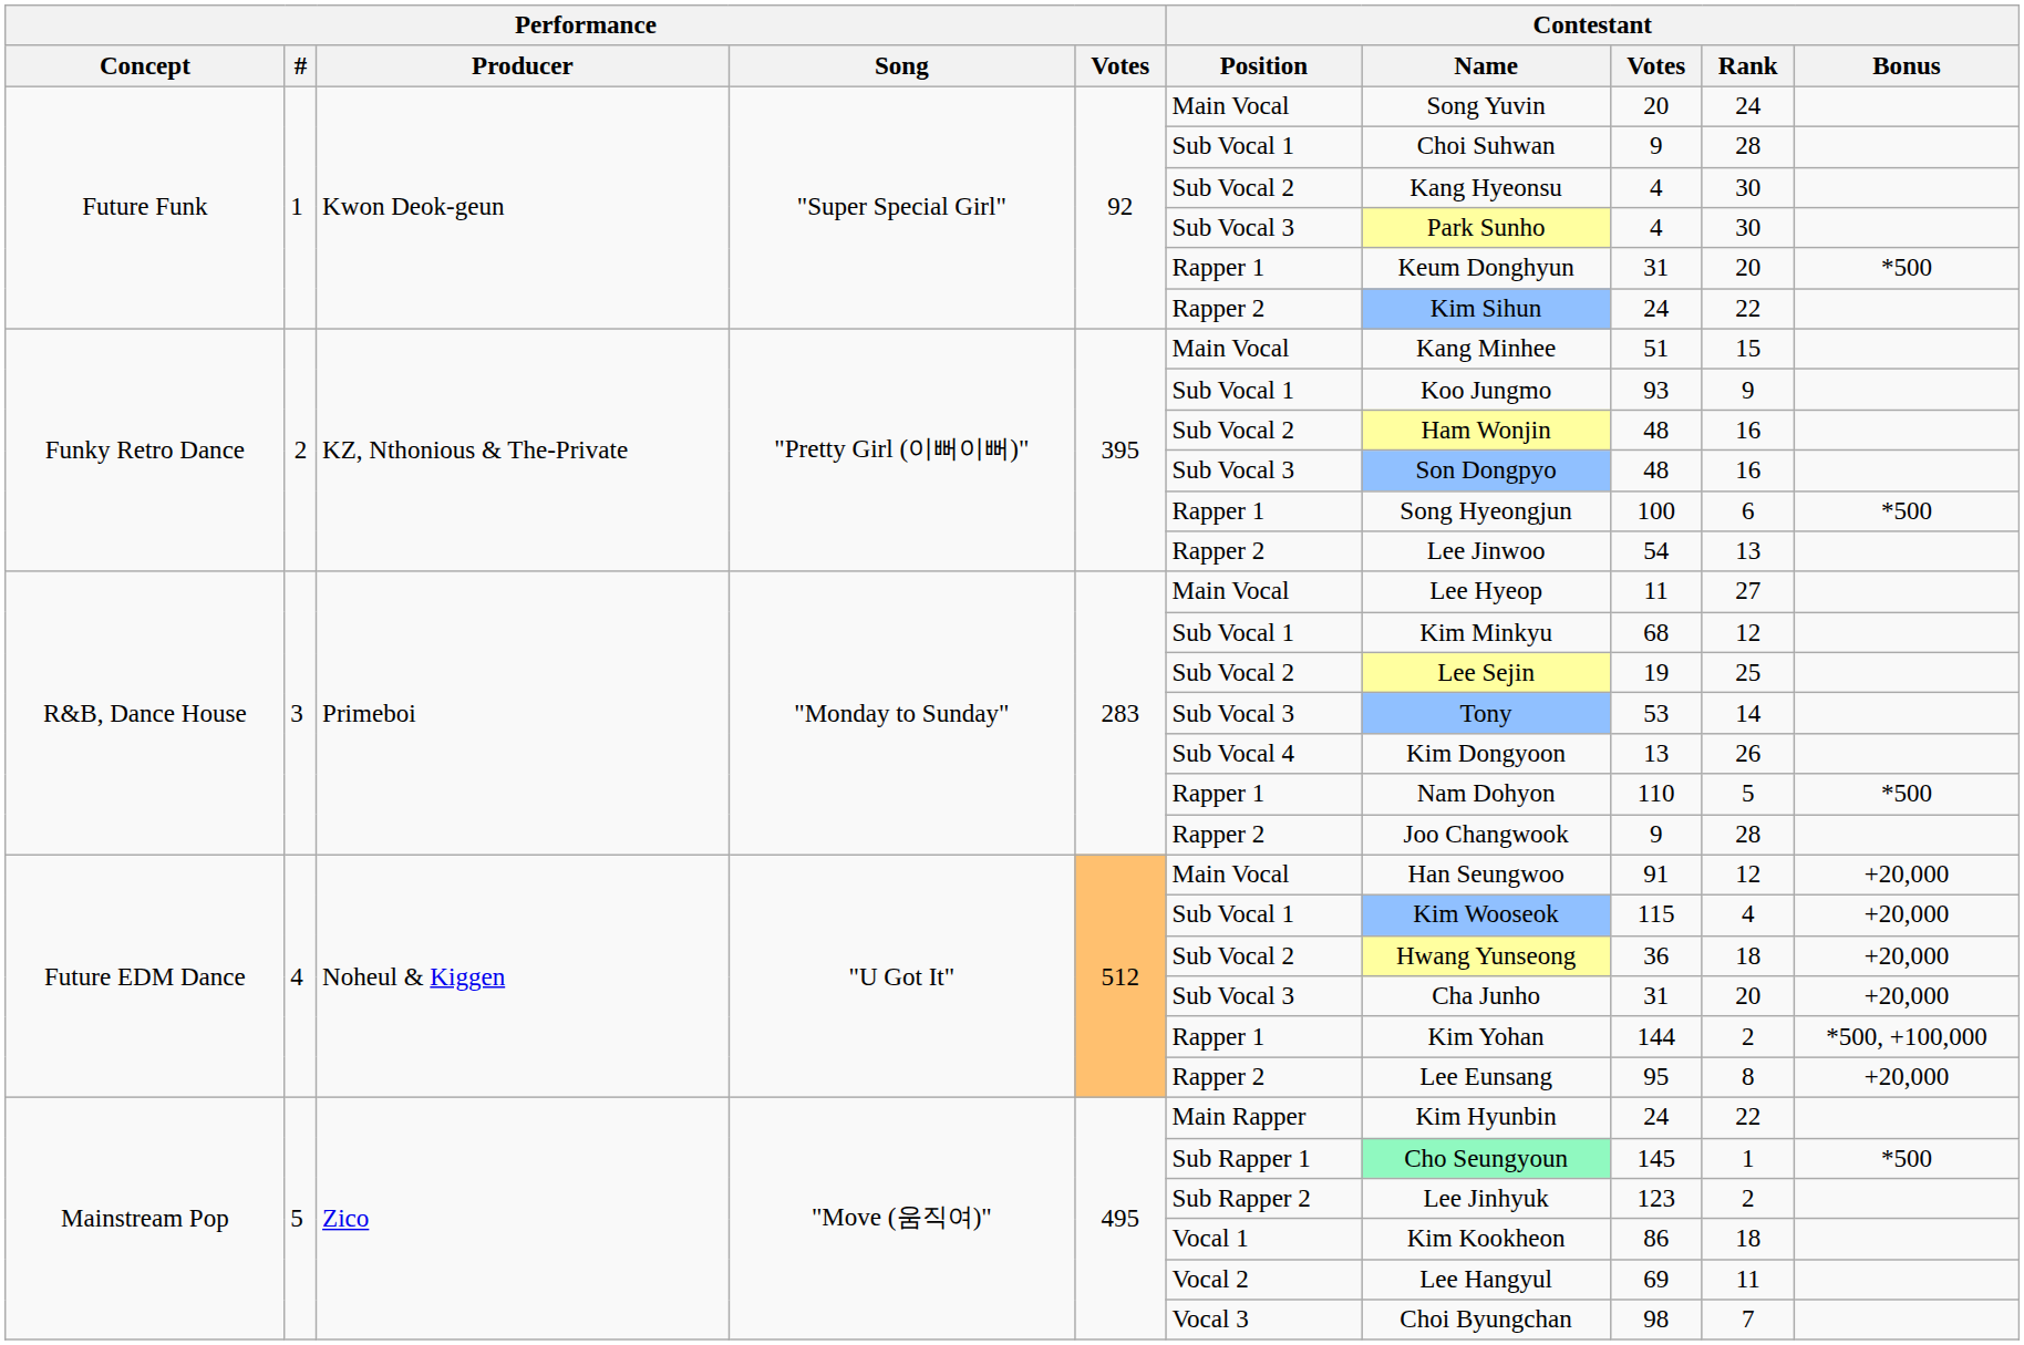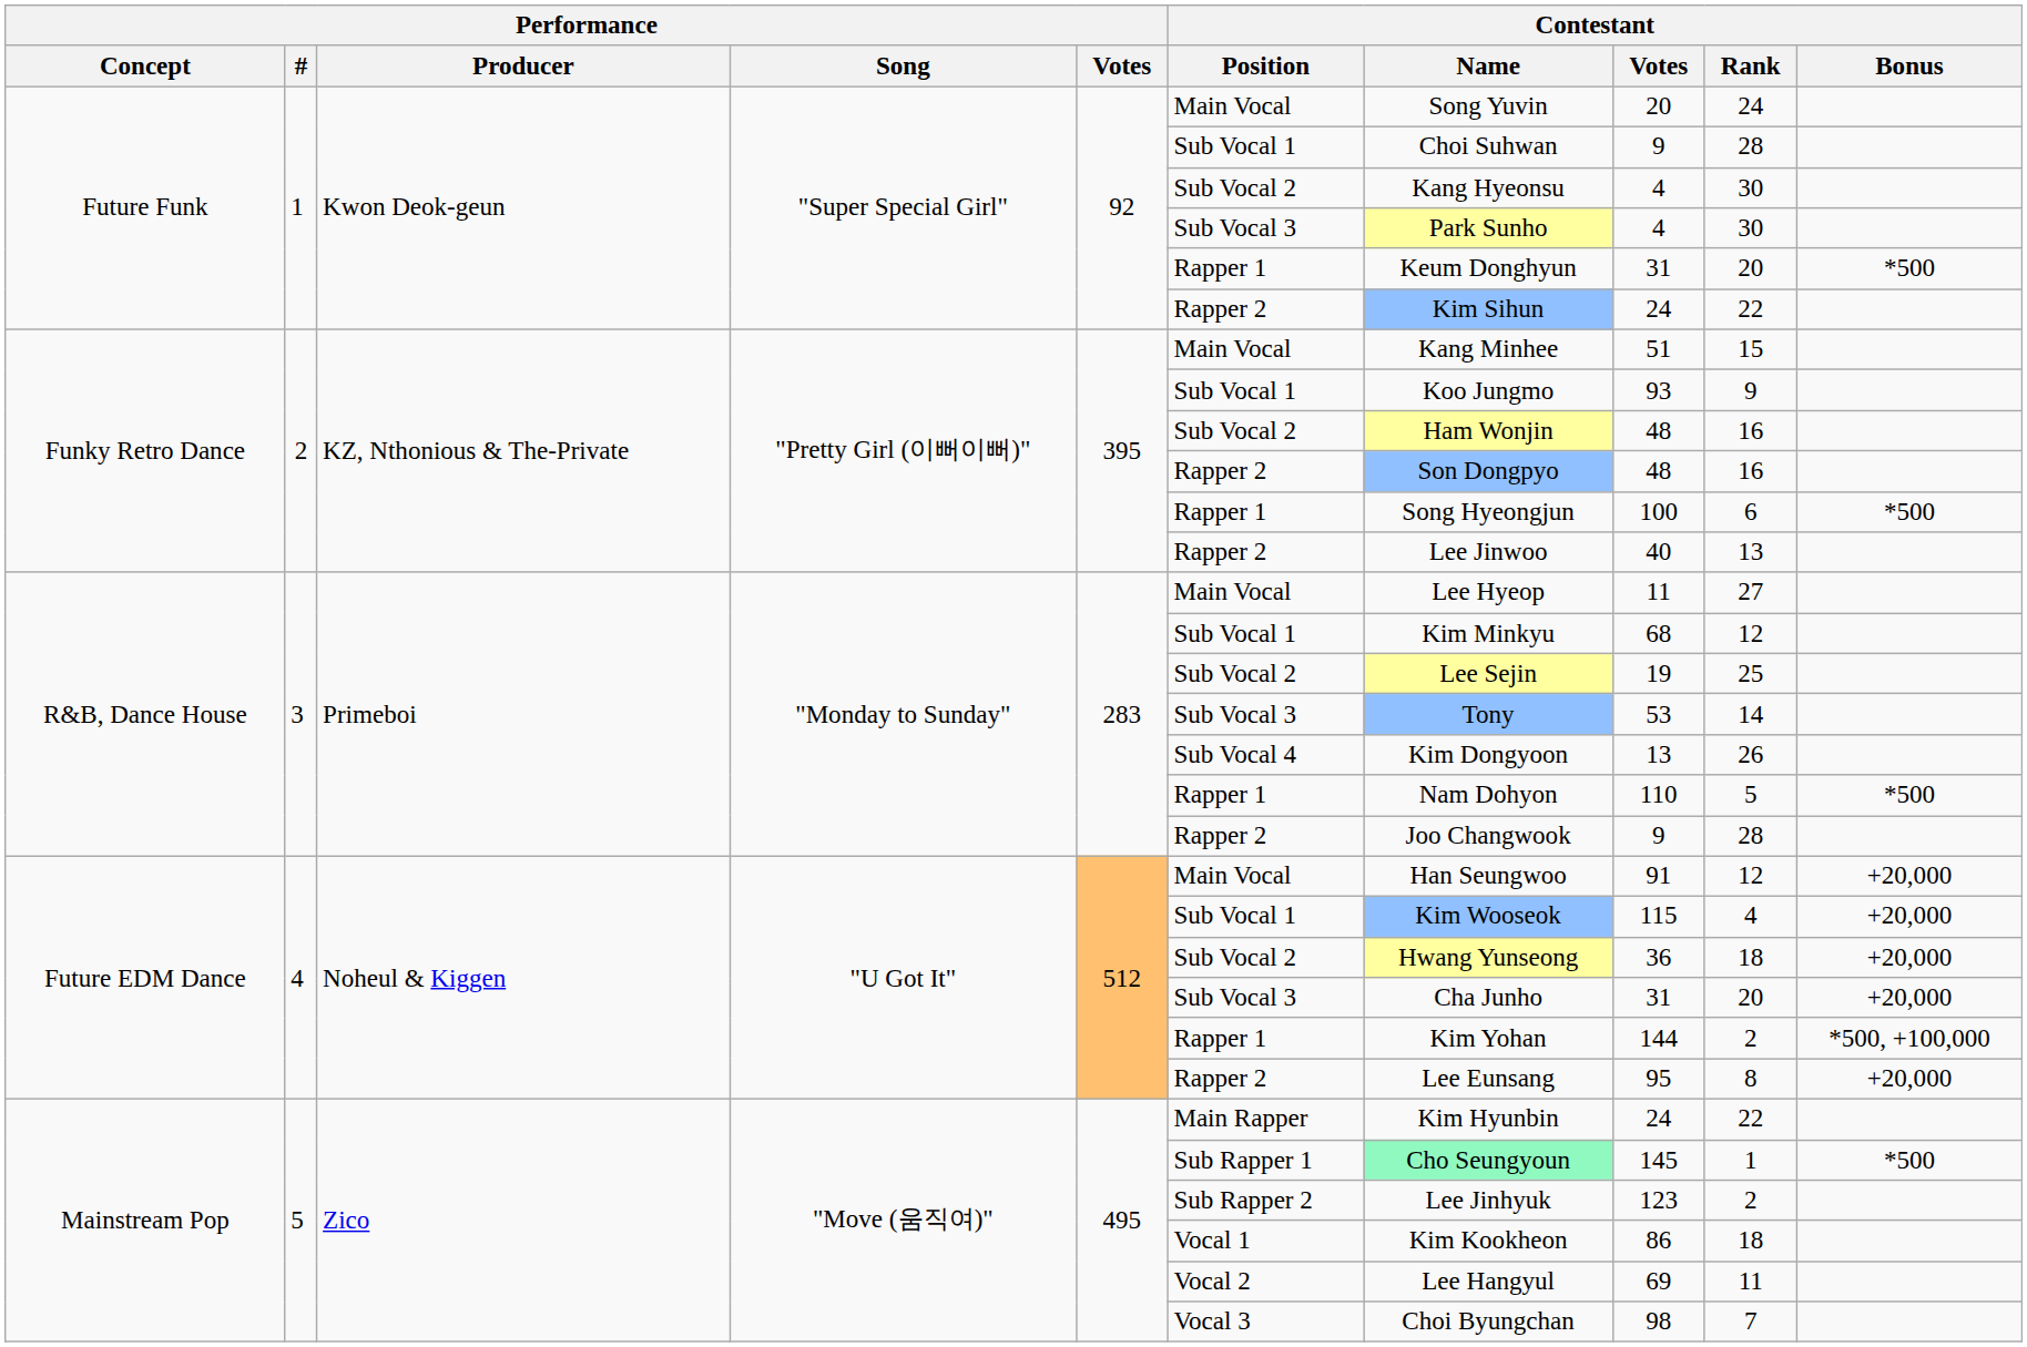 <table class="wikitable sortable" style="text-align:center; width:100%;">
 <tr>
 <th colspan=5>Performance</th>
 <th colspan="5">Contestant</th>
 </tr>
 <tr>
 <th>Concept</th>
 <th>#</th>
 <th class=unsortable>Producer</th>
 <th class=unsortable>Song</th>
 <th>Votes</th>
 <th>Position</th>
 <th>Name</th>
 <th>Votes</th>
 <th>Rank</th>
 <th>Bonus</th>
 </tr>
 <tr>
 <td rowspan=6>Future Funk</td>
 <td rowspan=6 align=left>1</td>
 <td rowspan=6 align=left>Kwon Deok-geun</td>
 <td rowspan=6>"Super Special Girl"</td>
 <td rowspan=6>92</td>
 <td align=left>Main Vocal</td>
 <td>Song Yuvin</td>
 <td>20</td>
 <td>24</td>
 <td></td>
 </tr>
 <tr>
 <td align=left>Sub Vocal 1</td>
 <td>Choi Suhwan</td>
 <td>9</td>
 <td>28</td>
 <td></td>
 </tr>
 <tr>
 <td align=left>Sub Vocal 2</td>
 <td>Kang Hyeonsu</td>
 <td>4</td>
 <td>30</td>
 <td></td>
 </tr>
 <tr>
 <td align=left>Sub Vocal 3</td>
 <td style=background:#FFFF9F;>Park Sunho</td>
 <td>4</td>
 <td>30</td>
 <td></td>
 </tr>
 <tr>
 <td align=left>Rapper 1</td>
 <td>Keum Donghyun</td>
 <td>31</td>
 <td>20</td>
 <td>*500</td>
 </tr>
 <tr>
 <td align=left>Rapper 2</td>
 <td style=background:#90C0FF;>Kim Sihun</td>
 <td>24</td>
 <td>22</td>
 <td></td>
 </tr>
 <tr>
 <td rowspan=6>Funky Retro Dance</td>
 <td rowspan=6>2</td>
 <td rowspan=6 align=left>KZ, Nthonious & The-Private</td>
 <td rowspan=6>"Pretty Girl (이뻐이뻐)"</td>
 <td rowspan=6>395</td>
 <td align=left>Main Vocal</td>
 <td>Kang Minhee</td>
 <td>51</td>
 <td>15</td>
 <td></td>
 </tr>
 <tr>
 <td align=left>Sub Vocal 1</td>
 <td>Koo Jungmo</td>
 <td>93</td>
 <td>9</td>
 <td></td>
 </tr>
 <tr>
 <td align=left>Sub Vocal 2</td>
 <td style=background:#FFFF9F;>Ham Wonjin</td>
 <td>48</td>
 <td>16</td>
 <td></td>
 </tr>
 <tr>
-<td align=left>Sub Vocal 3</td>
+<td align=left>Rapper 2</td>
 <td style=background:#90C0FF;>Son Dongpyo</td>
 <td>48</td>
 <td>16</td>
 <td></td>
 </tr>
 <tr>
 <td align=left>Rapper 1</td>
 <td>Song Hyeongjun</td>
 <td>100</td>
 <td>6</td>
 <td>*500</td>
 </tr>
 <tr>
 <td align=left>Rapper 2</td>
 <td>Lee Jinwoo</td>
-<td>54</td>
+<td>40</td>
 <td>13</td>
 <td></td>
 </tr>
 <tr>
 <td rowspan=7>R&B, Dance House</td>
 <td rowspan=7 align=left>3</td>
 <td rowspan=7 align=left>Primeboi</td>
 <td rowspan=7>"Monday to Sunday"</td>
 <td rowspan=7>283</td>
 <td align=left>Main Vocal</td>
 <td>Lee Hyeop</td>
 <td>11</td>
 <td>27</td>
 <td></td>
 </tr>
 <tr>
 <td align=left>Sub Vocal 1</td>
 <td>Kim Minkyu</td>
 <td>68</td>
 <td>12</td>
 <td></td>
 </tr>
 <tr>
 <td align=left>Sub Vocal 2</td>
 <td style=background:#FFFF9F;>Lee Sejin</td>
 <td>19</td>
 <td>25</td>
 <td></td>
 </tr>
 <tr>
 <td align=left>Sub Vocal 3</td>
 <td style=background:#90C0FF;>Tony</td>
 <td>53</td>
 <td>14</td>
 <td></td>
 </tr>
 <tr>
 <td align=left>Sub Vocal 4</td>
 <td>Kim Dongyoon</td>
 <td>13</td>
 <td>26</td>
 <td></td>
 </tr>
 <tr>
 <td align=left>Rapper 1</td>
 <td>Nam Dohyon</td>
 <td>110</td>
 <td>5</td>
 <td>*500</td>
 </tr>
 <tr>
 <td align=left>Rapper 2</td>
 <td>Joo Changwook</td>
 <td>9</td>
 <td>28</td>
 <td></td>
 </tr>
 <tr>
 <td rowspan=6>Future EDM Dance</td>
 <td rowspan=6 align=left>4</td>
 <td rowspan=6 align=left>Noheul & <a href='#'>Kiggen</a></td>
 <td rowspan=6>"U Got It"</td>
 <td rowspan=6 style=background:#FFC06F;>512</td>
 <td align=left>Main Vocal</td>
 <td>Han Seungwoo</td>
 <td>91</td>
 <td>12</td>
 <td>+20,000</td>
 </tr>
 <tr>
 <td align=left>Sub Vocal 1</td>
 <td style=background:#90C0FF;>Kim Wooseok</td>
 <td>115</td>
 <td>4</td>
 <td>+20,000</td>
 </tr>
 <tr>
 <td align=left>Sub Vocal 2</td>
 <td style=background:#FFFF9F;>Hwang Yunseong</td>
 <td>36</td>
 <td>18</td>
 <td>+20,000</td>
 </tr>
 <tr>
 <td align=left>Sub Vocal 3</td>
 <td>Cha Junho</td>
 <td>31</td>
 <td>20</td>
 <td>+20,000</td>
 </tr>
 <tr>
 <td align=left>Rapper 1</td>
 <td>Kim Yohan</td>
 <td>144</td>
 <td>2</td>
 <td>*500, +100,000</td>
 </tr>
 <tr>
 <td align=left>Rapper 2</td>
 <td>Lee Eunsang</td>
 <td>95</td>
 <td>8</td>
 <td>+20,000</td>
 </tr>
 <tr>
 <td rowspan=6>Mainstream Pop</td>
 <td rowspan=6 align=left>5</td>
 <td rowspan=6 align=left><a href='#'>Zico</a></td>
 <td rowspan=6>"Move (움직여)"</td>
 <td rowspan=6>495</td>
 <td align=left>Main Rapper</td>
 <td>Kim Hyunbin</td>
 <td>24</td>
 <td>22</td>
 <td></td>
 </tr>
 <tr>
 <td align=left>Sub Rapper 1</td>
 <td style=background:#90F9C0;>Cho Seungyoun</td>
 <td>145</td>
 <td>1</td>
 <td>*500</td>
 </tr>
 <tr>
 <td align=left>Sub Rapper 2</td>
 <td>Lee Jinhyuk</td>
 <td>123</td>
 <td>2</td>
 <td></td>
 </tr>
 <tr>
 <td align=left>Vocal 1</td>
 <td>Kim Kookheon</td>
 <td>86</td>
 <td>18</td>
 <td></td>
 </tr>
 <tr>
 <td align=left>Vocal 2</td>
 <td>Lee Hangyul</td>
 <td>69</td>
 <td>11</td>
 <td></td>
 </tr>
 <tr>
 <td align=left>Vocal 3</td>
 <td>Choi Byungchan</td>
 <td>98</td>
 <td>7</td>
 <td></td>
 </tr>
 </table>
